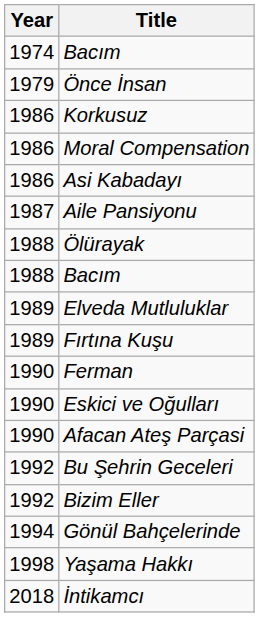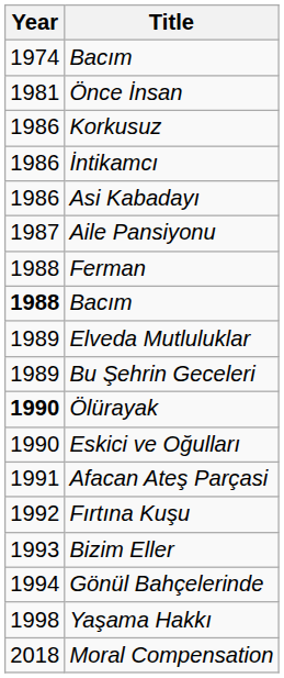 <table class="wikitable">
 <tr>
 <th>Year</th>
 <th>Title</th>
 </tr>
 <tr>
 <td>1974</td>
 <td><em>Bacım</em></td>
 </tr>
 <tr>
-<td>1979</td>
+<td>1981</td>
 <td><em>Önce İnsan</em></td>
 </tr>
 <tr>
 <td>1986</td>
 <td><em>Korkusuz</em></td>
 </tr>
 <tr>
 <td>1986</td>
-<td><em>Moral Compensation</em></td>
+<td><em>İntikamcı</em></td>
 </tr>
 <tr>
 <td>1986</td>
 <td><em>Asi Kabadayı</em></td>
 </tr>
 <tr>
 <td>1987</td>
 <td><em>Aile Pansiyonu</em></td>
 </tr>
 <tr>
 <td>1988</td>
-<td><em>Ölürayak</em></td>
+<td><em>Ferman</em></td>
 </tr>
 <tr>
-<td>1988</td>
+<td><strong>1988</strong></td>
 <td><em>Bacım</em></td>
 </tr>
 <tr>
 <td>1989</td>
 <td><em>Elveda Mutluluklar</em></td>
 </tr>
 <tr>
 <td>1989</td>
-<td><em>Fırtına Kuşu</em></td>
+<td><em>Bu Şehrin Geceleri</em></td>
 </tr>
 <tr>
-<td>1990</td>
-<td><em>Ferman</em></td>
+<td><strong>1990</strong></td>
+<td><em>Ölürayak</em></td>
 </tr>
 <tr>
 <td>1990</td>
 <td><em>Eskici ve Oğulları</em></td>
 </tr>
 <tr>
-<td>1990</td>
+<td>1991</td>
 <td><em>Afacan Ateş Parçasi</em></td>
 </tr>
 <tr>
 <td>1992</td>
-<td><em>Bu Şehrin Geceleri</em></td>
+<td><em>Fırtına Kuşu</em></td>
 </tr>
 <tr>
-<td>1992</td>
+<td>1993</td>
 <td><em>Bizim Eller</em></td>
 </tr>
 <tr>
 <td>1994</td>
 <td><em>Gönül Bahçelerinde</em></td>
 </tr>
 <tr>
 <td>1998</td>
 <td><em>Yaşama Hakkı</em></td>
 </tr>
 <tr>
 <td>2018</td>
-<td><em>İntikamcı</em></td>
+<td><em>Moral Compensation</em></td>
 </tr>
 </table>
